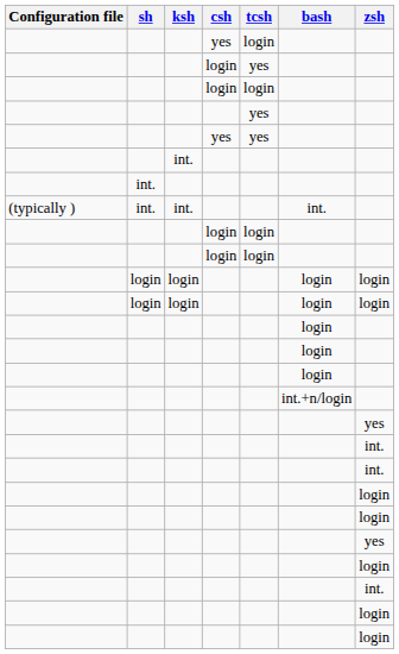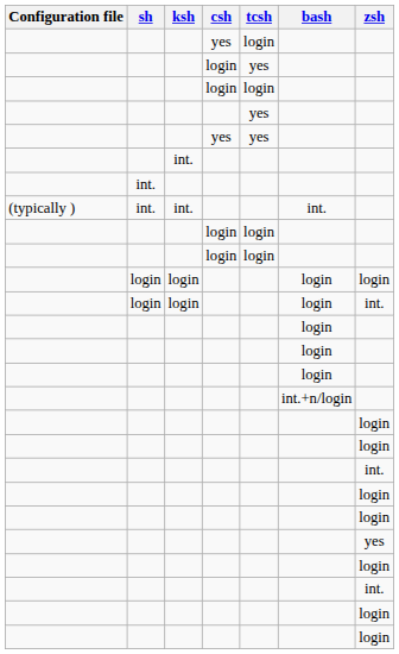 <table class="wikitable floatleft sortable" style="text-align: center; margin-right: 2em;">
 <tr>
 <th>Configuration file</th>
 <th><a href='#'>sh</a></th>
 <th><a href='#'>ksh</a></th>
 <th><a href='#'>csh</a></th>
 <th><a href='#'>tcsh</a></th>
 <th><a href='#'>bash</a></th>
 <th><a href='#'>zsh</a></th>
 </tr>
 <tr>
 <td style="text-align:left;"></td>
 <td></td>
 <td></td>
 <td>yes</td>
 <td>login</td>
 <td></td>
 <td></td>
 </tr>
 <tr>
 <td style="text-align:left;"></td>
 <td></td>
 <td></td>
 <td>login</td>
 <td>yes</td>
 <td></td>
 <td></td>
 </tr>
 <tr>
 <td style="text-align:left;"></td>
 <td></td>
 <td></td>
 <td>login</td>
 <td>login</td>
 <td></td>
 <td></td>
 </tr>
 <tr>
 <td style="text-align:left;"></td>
 <td></td>
 <td></td>
 <td></td>
 <td>yes</td>
 <td></td>
 <td></td>
 </tr>
 <tr>
 <td style="text-align:left;"></td>
 <td></td>
 <td></td>
 <td>yes</td>
 <td>yes</td>
 <td></td>
 <td></td>
 </tr>
 <tr>
 <td style="text-align:left;"></td>
 <td></td>
 <td>int.</td>
 <td></td>
 <td></td>
 <td></td>
 <td></td>
 </tr>
 <tr>
 <td style="text-align:left;"></td>
 <td>int.</td>
 <td></td>
 <td></td>
 <td></td>
 <td></td>
 <td></td>
 </tr>
 <tr>
 <td style="text-align:left;"> (typically )</td>
 <td>int.</td>
 <td>int.</td>
 <td></td>
 <td></td>
 <td>int.</td>
 <td></td>
 </tr>
 <tr>
 <td style="text-align:left;"></td>
 <td></td>
 <td></td>
 <td>login</td>
 <td>login</td>
 <td></td>
 <td></td>
 </tr>
 <tr>
 <td style="text-align:left;"></td>
 <td></td>
 <td></td>
 <td>login</td>
 <td>login</td>
 <td></td>
 <td></td>
 </tr>
 <tr>
 <td style="text-align:left;"></td>
 <td>login</td>
 <td>login</td>
 <td></td>
 <td></td>
 <td>login</td>
 <td>login</td>
 </tr>
 <tr>
 <td style="text-align:left;"></td>
 <td>login</td>
 <td>login</td>
 <td></td>
 <td></td>
 <td>login</td>
-<td>login</td>
+<td>int.</td>
 </tr>
 <tr>
 <td style="text-align:left;"></td>
 <td></td>
 <td></td>
 <td></td>
 <td></td>
 <td>login</td>
 <td></td>
 </tr>
 <tr>
 <td style="text-align:left;"></td>
 <td></td>
 <td></td>
 <td></td>
 <td></td>
 <td>login</td>
 <td></td>
 </tr>
 <tr>
 <td style="text-align:left;"></td>
 <td></td>
 <td></td>
 <td></td>
 <td></td>
 <td>login</td>
 <td></td>
 </tr>
 <tr>
 <td style="text-align:left;"></td>
 <td></td>
 <td></td>
 <td></td>
 <td></td>
 <td>int.+n/login</td>
 <td></td>
 </tr>
 <tr>
 <td style="text-align:left;"></td>
 <td></td>
 <td></td>
 <td></td>
 <td></td>
 <td></td>
-<td>yes</td>
+<td>login</td>
 </tr>
 <tr>
 <td style="text-align:left;"></td>
 <td></td>
 <td></td>
 <td></td>
 <td></td>
 <td></td>
-<td>int.</td>
+<td>login</td>
 </tr>
 <tr>
 <td style="text-align:left;"></td>
 <td></td>
 <td></td>
 <td></td>
 <td></td>
 <td></td>
 <td>int.</td>
 </tr>
 <tr>
 <td style="text-align:left;"></td>
 <td></td>
 <td></td>
 <td></td>
 <td></td>
 <td></td>
 <td>login</td>
 </tr>
 <tr>
 <td style="text-align:left;"></td>
 <td></td>
 <td></td>
 <td></td>
 <td></td>
 <td></td>
 <td>login</td>
 </tr>
 <tr>
 <td style="text-align:left;"></td>
 <td></td>
 <td></td>
 <td></td>
 <td></td>
 <td></td>
 <td>yes</td>
 </tr>
 <tr>
 <td style="text-align:left;"></td>
 <td></td>
 <td></td>
 <td></td>
 <td></td>
 <td></td>
 <td>login</td>
 </tr>
 <tr>
 <td style="text-align:left;"></td>
 <td></td>
 <td></td>
 <td></td>
 <td></td>
 <td></td>
 <td>int.</td>
 </tr>
 <tr>
 <td style="text-align:left;"></td>
 <td></td>
 <td></td>
 <td></td>
 <td></td>
 <td></td>
 <td>login</td>
 </tr>
 <tr>
 <td style="text-align:left;"></td>
 <td></td>
 <td></td>
 <td></td>
 <td></td>
 <td></td>
 <td>login</td>
 </tr>
 </table>
